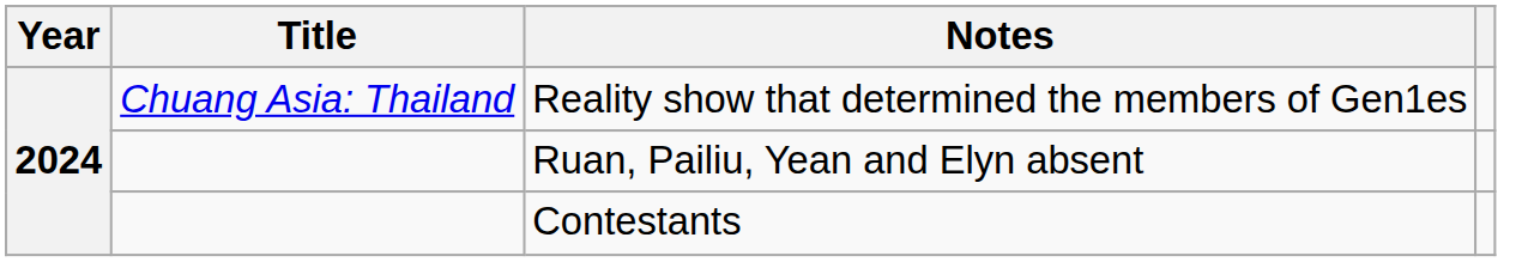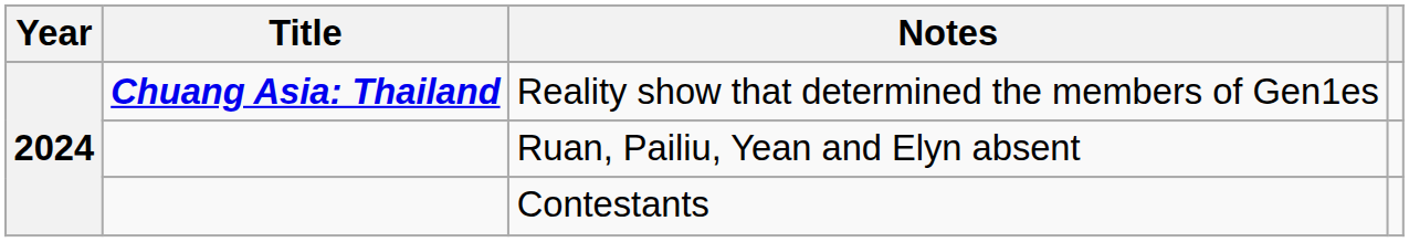 <table class="wikitable plainrowheaders">
 <tr>
 <th scope="col">Year</th>
 <th scope="col">Title</th>
 <th scope="col" class="unsortable">Notes</th>
 <th scope="col" class="unsortable"></th>
 </tr>
 <tr>
 <th rowspan="3" scope="row">2024</th>
-<td><em><a href='#'>Chuang Asia: Thailand</a></em></td>
+<td><strong><em><a href='#'>Chuang Asia: Thailand</a></em></strong></td>
 <td>Reality show that determined the members of Gen1es</td>
 <td style="text-align:center"></td>
 </tr>
 <tr>
 <td><em></em></td>
 <td>Ruan, Pailiu, Yean and Elyn absent</td>
 <td style="text-align:center"></td>
 </tr>
 <tr>
 <td><em></em></td>
 <td>Contestants</td>
 <td style="text-align:center"></td>
 </tr>
 </table>
